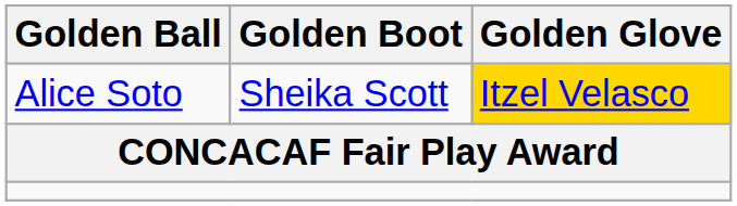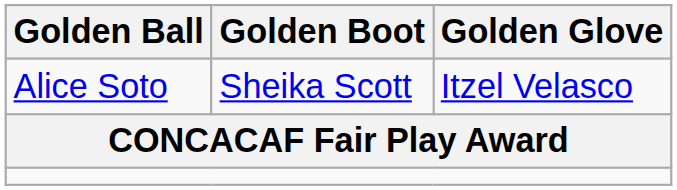 <table class="wikitable" style="margin:auto">
 <tr>
 <th>Golden Ball</th>
 <th>Golden Boot</th>
 <th>Golden Glove</th>
 </tr>
 <tr>
 <td> <a href='#'>Alice Soto</a></td>
 <td> <a href='#'>Sheika Scott</a></td>
-<td style="background: gold;"> <a href='#'>Itzel Velasco</a></td>
+<td> <a href='#'>Itzel Velasco</a></td>
 </tr>
 <tr>
 <th colspan="3">CONCACAF Fair Play Award</th>
 </tr>
 <tr>
 <td colspan="3" style="text-align:center;"></td>
 </tr>
 </table>
